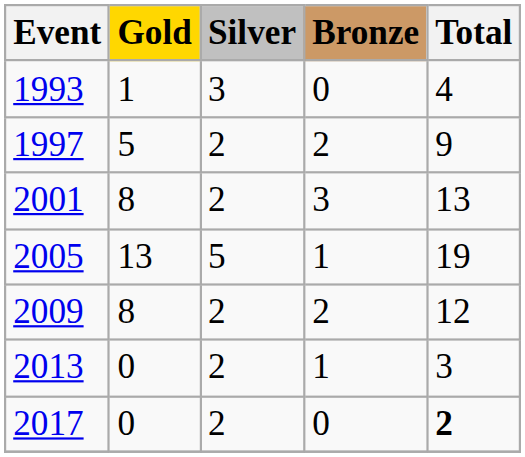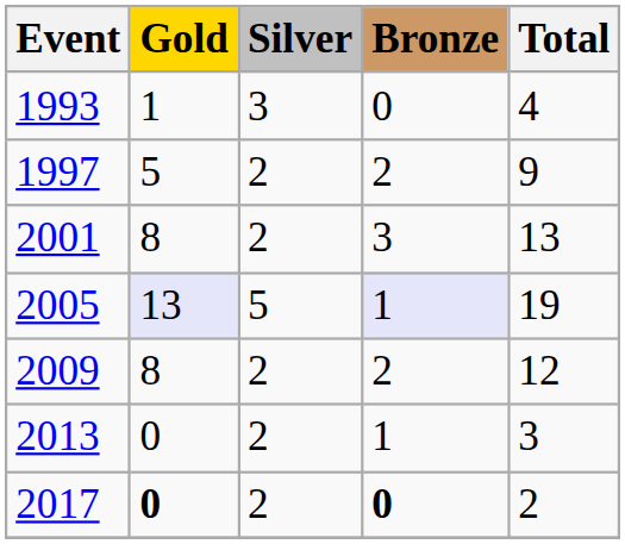 <table class="wikitable">
 <tr>
 <th>Event</th>
 <td style="background:gold; font-weight:bold;">Gold</td>
 <td style="background:silver; font-weight:bold;">Silver</td>
 <td style="background:#c96; font-weight:bold;">Bronze</td>
 <th>Total</th>
 </tr>
 <tr>
 <td><a href='#'>1993</a></td>
 <td>1</td>
 <td>3</td>
 <td>0</td>
 <td>4</td>
 </tr>
 <tr>
 <td><a href='#'>1997</a></td>
 <td>5</td>
 <td>2</td>
 <td>2</td>
 <td>9</td>
 </tr>
 <tr>
 <td><a href='#'>2001</a></td>
 <td>8</td>
 <td>2</td>
 <td>3</td>
 <td>13</td>
 </tr>
 <tr>
 <td><a href='#'>2005</a></td>
-<td>13</td>
+<td style="background: lavender;">13</td>
 <td>5</td>
-<td>1</td>
+<td style="background: lavender;">1</td>
 <td>19</td>
 </tr>
 <tr>
 <td><a href='#'>2009</a></td>
 <td>8</td>
 <td>2</td>
 <td>2</td>
 <td>12</td>
 </tr>
 <tr>
 <td><a href='#'>2013</a></td>
 <td>0</td>
 <td>2</td>
 <td>1</td>
 <td>3</td>
 </tr>
 <tr>
 <td><a href='#'>2017</a></td>
-<td>0</td>
+<td><strong>0</strong></td>
 <td>2</td>
-<td>0</td>
-<td><strong>2</strong></td>
+<td><strong>0</strong></td>
+<td>2</td>
 </tr>
 <tr>
 </tr>
 </table>
